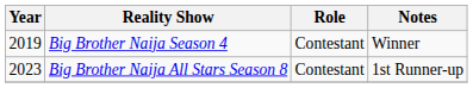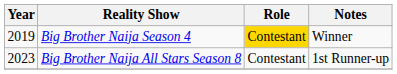 <table class="wikitable">
 <tr>
 <th>Year</th>
 <th>Reality Show</th>
 <th>Role</th>
 <th>Notes</th>
 </tr>
 <tr>
 <td>2019</td>
 <td><em><a href='#'>Big Brother Naija Season 4</a></em></td>
-<td>Contestant</td>
+<td style="background: gold;">Contestant</td>
 <td>Winner</td>
 </tr>
 <tr>
 <td>2023</td>
 <td><a href='#'><em>Big Brother Naija All Stars Season 8</em></a></td>
 <td>Contestant</td>
 <td>1st Runner-up</td>
 </tr>
 <tr>
 </tr>
 </table>
